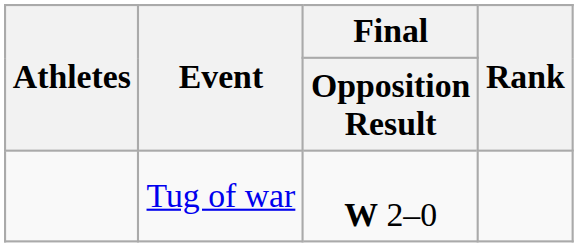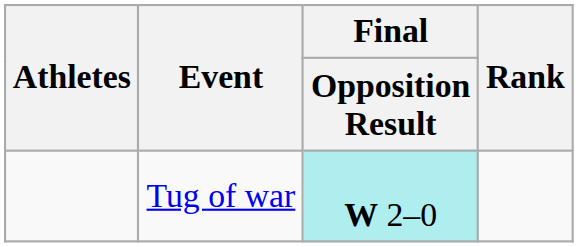 <table class=wikitable>
 <tr>
 <th rowspan=2>Athletes</th>
 <th rowspan=2>Event</th>
 <th>Final</th>
 <th rowspan=2>Rank</th>
 </tr>
 <tr>
 <th>Opposition <br> Result</th>
 </tr>
 <tr align=center>
 <td align=left><strong></strong></td>
 <td><a href='#'>Tug of war</a></td>
-<td> <br> <strong>W</strong> 2–0</td>
+<td style="background: paleturquoise;"> <br> <strong>W</strong> 2–0</td>
 <td></td>
 </tr>
 </table>
